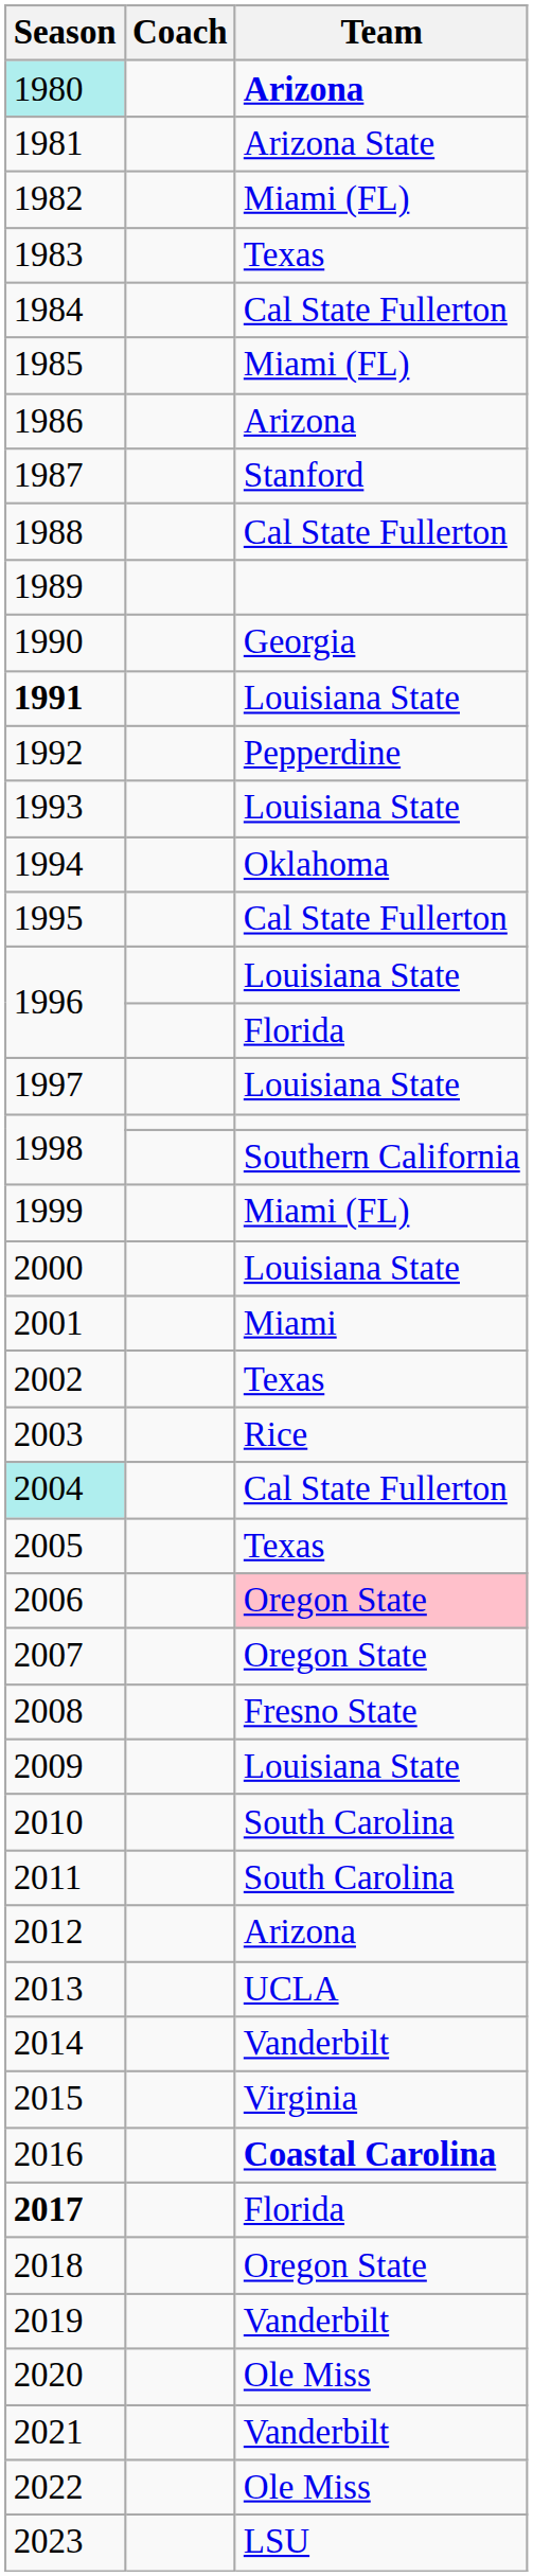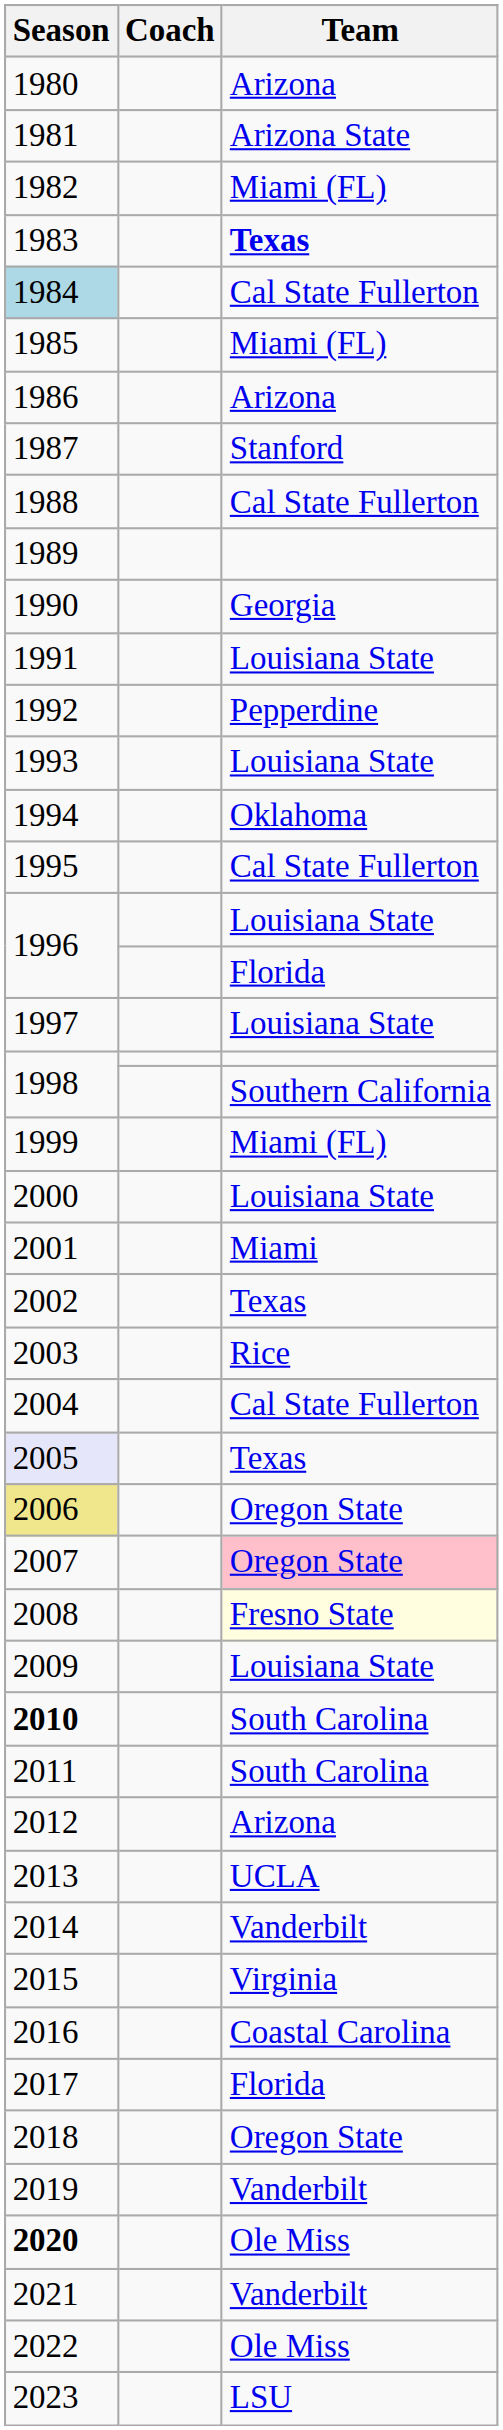 <table class="wikitable sortable">
 <tr>
 <th>Season</th>
 <th>Coach</th>
 <th>Team</th>
 </tr>
 <tr>
-<td style="background: paleturquoise;">1980</td>
+<td>1980</td>
 <td></td>
-<td><strong><a href='#'>Arizona</a></strong></td>
+<td><a href='#'>Arizona</a></td>
 </tr>
 <tr>
 <td>1981</td>
 <td></td>
 <td><a href='#'>Arizona State</a></td>
 </tr>
 <tr>
 <td>1982</td>
 <td></td>
 <td><a href='#'>Miami (FL)</a></td>
 </tr>
 <tr>
 <td>1983</td>
 <td></td>
-<td><a href='#'>Texas</a></td>
+<td><strong><a href='#'>Texas</a></strong></td>
 </tr>
 <tr>
-<td>1984</td>
+<td style="background: lightblue;">1984</td>
 <td></td>
 <td><a href='#'>Cal State Fullerton</a></td>
 </tr>
 <tr>
 <td>1985</td>
 <td></td>
 <td><a href='#'>Miami (FL)</a></td>
 </tr>
 <tr>
 <td>1986</td>
 <td></td>
 <td><a href='#'>Arizona</a></td>
 </tr>
 <tr>
 <td>1987</td>
 <td></td>
 <td><a href='#'>Stanford</a></td>
 </tr>
 <tr>
 <td>1988</td>
 <td></td>
 <td><a href='#'>Cal State Fullerton</a></td>
 </tr>
 <tr>
 <td>1989</td>
 <td></td>
 <td></td>
 </tr>
 <tr>
 <td>1990</td>
 <td></td>
 <td><a href='#'>Georgia</a></td>
 </tr>
 <tr>
-<td><strong>1991</strong></td>
+<td>1991</td>
 <td></td>
 <td><a href='#'>Louisiana State</a></td>
 </tr>
 <tr>
 <td>1992</td>
 <td></td>
 <td><a href='#'>Pepperdine</a></td>
 </tr>
 <tr>
 <td>1993</td>
 <td></td>
 <td><a href='#'>Louisiana State</a></td>
 </tr>
 <tr>
 <td>1994</td>
 <td></td>
 <td><a href='#'>Oklahoma</a></td>
 </tr>
 <tr>
 <td>1995</td>
 <td></td>
 <td><a href='#'>Cal State Fullerton</a></td>
 </tr>
 <tr>
 <td rowspan="2">1996</td>
 <td></td>
 <td><a href='#'>Louisiana State</a></td>
 </tr>
 <tr>
 <td></td>
 <td><a href='#'>Florida</a></td>
 </tr>
 <tr>
 <td>1997</td>
 <td></td>
 <td><a href='#'>Louisiana State</a></td>
 </tr>
 <tr>
 <td rowspan="2">1998</td>
 <td></td>
 <td></td>
 </tr>
 <tr>
 <td></td>
 <td><a href='#'>Southern California</a></td>
 </tr>
 <tr>
 <td>1999</td>
 <td></td>
 <td><a href='#'>Miami (FL)</a></td>
 </tr>
 <tr>
 <td>2000</td>
 <td></td>
 <td><a href='#'>Louisiana State</a></td>
 </tr>
 <tr>
 <td>2001</td>
 <td></td>
 <td><a href='#'>Miami</a></td>
 </tr>
 <tr>
 <td>2002</td>
 <td></td>
 <td><a href='#'>Texas</a></td>
 </tr>
 <tr>
 <td>2003</td>
 <td></td>
 <td><a href='#'>Rice</a></td>
 </tr>
 <tr>
-<td style="background: paleturquoise;">2004</td>
+<td>2004</td>
 <td></td>
 <td><a href='#'>Cal State Fullerton</a></td>
 </tr>
 <tr>
-<td>2005</td>
+<td style="background: lavender;">2005</td>
 <td></td>
 <td><a href='#'>Texas</a></td>
 </tr>
 <tr>
-<td>2006</td>
+<td style="background: khaki;">2006</td>
+<td></td>
+<td><a href='#'>Oregon State</a></td>
+</tr>
+<tr>
+<td>2007</td>
 <td></td>
 <td style="background: pink;"><a href='#'>Oregon State</a></td>
 </tr>
 <tr>
-<td>2007</td>
-<td></td>
-<td><a href='#'>Oregon State</a></td>
-</tr>
-<tr>
 <td>2008</td>
 <td></td>
-<td><a href='#'>Fresno State</a></td>
+<td style="background: lightyellow;"><a href='#'>Fresno State</a></td>
 </tr>
 <tr>
 <td>2009</td>
 <td></td>
 <td><a href='#'>Louisiana State</a></td>
 </tr>
 <tr>
-<td>2010</td>
+<td><strong>2010</strong></td>
 <td></td>
 <td><a href='#'>South Carolina</a></td>
 </tr>
 <tr>
 <td>2011</td>
 <td></td>
 <td><a href='#'>South Carolina</a></td>
 </tr>
 <tr>
 <td>2012</td>
 <td></td>
 <td><a href='#'>Arizona</a></td>
 </tr>
 <tr>
 <td>2013</td>
 <td></td>
 <td><a href='#'>UCLA</a></td>
 </tr>
 <tr>
 <td>2014</td>
 <td></td>
 <td><a href='#'>Vanderbilt</a></td>
 </tr>
 <tr>
 <td>2015</td>
 <td></td>
 <td><a href='#'>Virginia</a></td>
 </tr>
 <tr>
 <td>2016</td>
 <td></td>
-<td><strong><a href='#'>Coastal Carolina</a></strong></td>
+<td><a href='#'>Coastal Carolina</a></td>
 </tr>
 <tr>
-<td><strong>2017</strong></td>
+<td>2017</td>
 <td></td>
 <td><a href='#'>Florida</a></td>
 </tr>
 <tr>
 <td>2018</td>
 <td></td>
 <td><a href='#'>Oregon State</a></td>
 </tr>
 <tr>
 <td>2019</td>
 <td></td>
 <td><a href='#'>Vanderbilt</a></td>
 </tr>
 <tr>
-<td>2020</td>
+<td><strong>2020</strong></td>
 <td></td>
 <td><a href='#'>Ole Miss</a></td>
 </tr>
 <tr>
 <td>2021</td>
 <td></td>
 <td><a href='#'>Vanderbilt</a></td>
 </tr>
 <tr>
 <td>2022</td>
 <td></td>
 <td><a href='#'>Ole Miss</a></td>
 </tr>
 <tr>
 <td>2023</td>
 <td></td>
 <td><a href='#'>LSU</a></td>
 </tr>
 </table>
